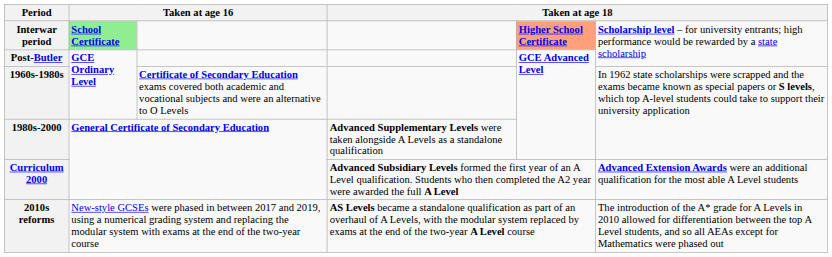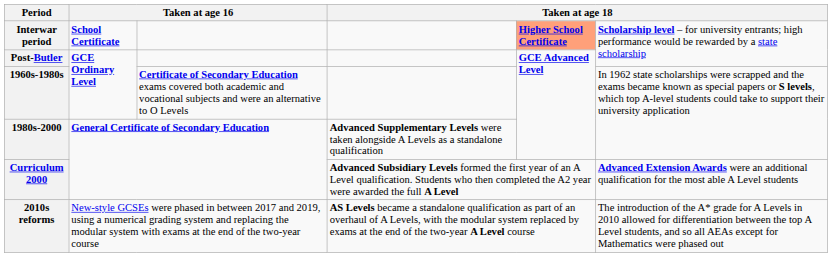 <table class="wikitable">
 <tr>
 <th>Period</th>
 <th colspan= 2>Taken at age 16</th>
 <th colspan= 3>Taken at age 18</th>
 </tr>
 <tr style="vertical-align: top;">
 <th>Interwar period</th>
-<td style="background: lightgreen;"><strong><a href='#'>School Certificate</a></strong></td>
+<td><strong><a href='#'>School Certificate</a></strong></td>
 <td></td>
 <td></td>
 <td style="background: lightsalmon;"><strong><a href='#'>Higher School Certificate</a></strong></td>
 <td rowspan= 2><strong><a href='#'>Scholarship level</a></strong> – for university entrants; high performance would be rewarded by a <a href='#'>state scholarship</a></td>
 </tr>
 <tr style="vertical-align: top;">
 <th>Post-<a href='#'>Butler</a></th>
 <td rowspan= 2><strong><a href='#'>GCE Ordinary Level</a></strong></td>
 <td></td>
 <td></td>
 <td rowspan= 3><strong><a href='#'>GCE Advanced Level</a></strong></td>
 </tr>
 <tr style="vertical-align: top;">
 <th>1960s-1980s</th>
 <td><strong><a href='#'>Certificate of Secondary Education</a></strong> exams covered both academic and vocational subjects and were an alternative to O Levels</td>
 <td></td>
 <td rowspan= 2>In 1962 state scholarships were scrapped and the exams became known as special papers or <strong>S levels</strong>, which top A-level students could take to support their university application</td>
 </tr>
 <tr style="vertical-align: top;">
 <th>1980s-2000</th>
 <td rowspan= 2, colspan= 2><strong><a href='#'>General Certificate of Secondary Education</a></strong></td>
 <td><strong>Advanced Supplementary Levels</strong> were taken alongside A Levels as a standalone qualification</td>
 </tr>
 <tr style="vertical-align: top;">
 <th><a href='#'>Curriculum 2000</a></th>
 <td colspan= 2><strong>Advanced Subsidiary Levels</strong> formed the first year of an A Level qualification. Students who then completed the A2 year were awarded the full <strong>A Level</strong></td>
 <td><strong><a href='#'>Advanced Extension Awards</a></strong> were an additional qualification for the most able A Level students</td>
 </tr>
 <tr style="vertical-align: top;">
 <th>2010s reforms</th>
 <td colspan= 2><a href='#'>New-style GCSEs</a> were phased in between 2017 and 2019, using a numerical grading system and replacing the modular system with exams at the end of the two-year course</td>
 <td colspan= 2><strong>AS Levels</strong> became a standalone qualification as part of an overhaul of A Levels, with the modular system replaced by exams at the end of the two-year <strong>A Level</strong> course</td>
 <td>The introduction of the A* grade for A Levels in 2010 allowed for differentiation between the top A Level students, and so all AEAs except for Mathematics were phased out</td>
 </tr>
 </table>
